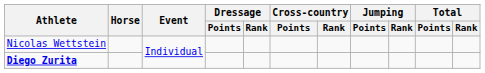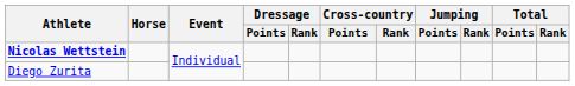 <table class=wikitable style=font-size:90%;text-align:center>
 <tr>
 <th rowspan=2>Athlete</th>
 <th rowspan=2>Horse</th>
 <th rowspan=2>Event</th>
 <th colspan=2>Dressage</th>
 <th colspan=2>Cross-country</th>
 <th colspan=2>Jumping</th>
 <th colspan=2>Total</th>
 </tr>
 <tr style=font-size:95%>
 <th>Points</th>
 <th>Rank</th>
 <th>Points</th>
 <th>Rank</th>
 <th>Points</th>
 <th>Rank</th>
 <th>Points</th>
 <th>Rank</th>
 </tr>
 <tr>
-<td align=left><a href='#'>Nicolas Wettstein</a></td>
+<td align=left><strong><a href='#'>Nicolas Wettstein</a></strong></td>
 <td align=left></td>
 <td align=left rowspan=2><a href='#'>Individual</a></td>
 <td></td>
 <td></td>
 <td></td>
 <td></td>
 <td></td>
 <td></td>
 <td></td>
 <td></td>
 </tr>
 <tr>
-<td align=left><strong><a href='#'>Diego Zurita</a></strong></td>
+<td align=left><a href='#'>Diego Zurita</a></td>
 <td align=left></td>
 <td></td>
 <td></td>
 <td></td>
 <td></td>
 <td></td>
 <td></td>
 <td></td>
 <td></td>
 </tr>
 </table>
